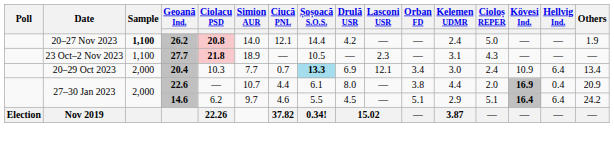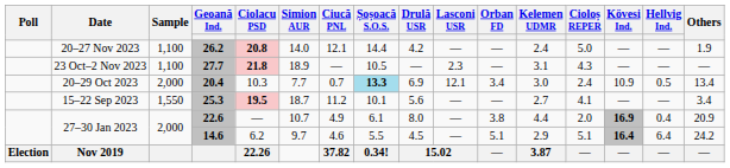 <table class="wikitable sortable" style="text-align:center;font-size:85%;line-height:14px;">
 <tr>
 <th rowspan="2">Poll</th>
 <th rowspan="2">Date</th>
 <th rowspan="2" style="width:35px;">Sample</th>
 <th class="unsortable" style="width:20px;"><a href='#'>Geoană</a><br><small><a href='#'>Ind.</a></small></th>
 <th class="unsortable" style="width:20px;"><a href='#'>Ciolacu</a><br><small><a href='#'>PSD</a></small></th>
 <th class="unsortable" style="width:20px;"><a href='#'>Simion</a><br><small><a href='#'>AUR</a></small></th>
 <th class="unsortable" style="width:20px;"><a href='#'>Ciucă</a><br><small><a href='#'>PNL</a></small></th>
 <th class="unsortable" style="width:20px;"><a href='#'>Șoșoacă</a><br><small><a href='#'>S.O.S.</a></small></th>
 <th class="unsortable" style="width:20px;"><a href='#'>Drulă</a><br><small><a href='#'>USR</a></small></th>
 <th class="unsortable" style="width:20px;"><a href='#'>Lasconi</a> <br><small><a href='#'>USR</a></small></th>
 <th class="unsortable" style="width:20px;"><a href='#'>Orban</a><strong><br></strong><small><a href='#'>FD</a></small></th>
 <th class="unsortable" style="width:20px;"><a href='#'>Kelemen</a><br><small><a href='#'>UDMR</a></small></th>
 <th class="unsortable" style="width:20px;"><a href='#'>Cioloș</a><br><small><a href='#'>REPER</a></small></th>
 <th class="unsortable" style="width:20px;"><a href='#'>Kövesi</a><br><small><a href='#'>Ind.</a></small></th>
 <th class="unsortable" style="width:20px;"><a href='#'>Hellvig</a><br><small><a href='#'>Ind.</a></small></th>
 <th rowspan="2"><strong>Others</strong></th>
 </tr>
 <tr>
 <th style="background:"></th>
 <th style="background:"></th>
 <th style="background:"></th>
 <th style="background:"></th>
 <th style="background:"></th>
 <th style="background:"></th>
 <th style="background:"></th>
 <th style="background:"></th>
 <th style="background:"></th>
 <th style="background:"></th>
 <th style="background:"></th>
 <th style="background:"></th>
 </tr>
 <tr>
 <td></td>
 <td>20–27 Nov 2023</td>
-<td><strong>1,100</strong></td>
+<td>1,100</td>
 <td style="background:#C0C0C0"><strong>26.2</strong></td>
 <td style="background:#F9C8CA"><strong>20.8</strong></td>
 <td>14.0</td>
 <td>12.1</td>
 <td>14.4</td>
 <td>4.2</td>
 <td>—</td>
 <td>—</td>
 <td>2.4</td>
 <td>5.0</td>
 <td>—</td>
 <td>—</td>
 <td>1.9</td>
 </tr>
 <tr>
 <td></td>
 <td>23 Oct–2 Nov 2023</td>
 <td>1,100</td>
 <td style="background:#C0C0C0"><strong>27.7</strong></td>
 <td style="background:#F9C8CA"><strong>21.8</strong></td>
 <td>18.9</td>
 <td>—</td>
 <td>10.5</td>
 <td>—</td>
 <td>2.3</td>
 <td>—</td>
 <td>3.1</td>
 <td>4.3</td>
 <td>—</td>
 <td>—</td>
 <td>—</td>
 </tr>
 <tr>
 <td></td>
 <td>20–29 Oct 2023</td>
 <td>2,000</td>
 <td style="background:#C0C0C0"><strong>20.4</strong></td>
 <td>10.3</td>
 <td>7.7</td>
 <td>0.7</td>
 <td style="background:#A4DDED"><strong>13.3</strong></td>
 <td>6.9</td>
 <td>12.1</td>
 <td>3.4</td>
 <td>3.0</td>
 <td>2.4</td>
 <td>10.9</td>
-<td>6.4</td>
+<td>0.5</td>
 <td>13.4</td>
+</tr>
+<tr>
+<td></td>
+<td>15–22 Sep 2023</td>
+<td>1,550</td>
+<td style="background:#C0C0C0"><strong>25.3</strong></td>
+<td style="background:#F9C8CA"><strong>19.5</strong></td>
+<td>18.7</td>
+<td>11.2</td>
+<td>10.1</td>
+<td>5.6</td>
+<td>—</td>
+<td>—</td>
+<td>2.7</td>
+<td>4.1</td>
+<td>—</td>
+<td>—</td>
+<td>3.4</td>
 </tr>
 <tr>
 <td rowspan="2"></td>
 <td rowspan="2">27–30 Jan 2023</td>
 <td rowspan="2">2,000</td>
 <td style="background:#C0C0C0"><strong>22.6</strong></td>
 <td>—</td>
 <td>10.7</td>
-<td>4.4</td>
+<td>4.9</td>
 <td>6.1</td>
 <td>8.0</td>
 <td>—</td>
 <td>3.8</td>
 <td>4.4</td>
 <td>2.0</td>
 <td style="background:#C0C0C0"><strong>16.9</strong></td>
 <td>0.4</td>
 <td>20.9</td>
 </tr>
 <tr>
 <td style="background:#C0C0C0"><strong>14.6</strong></td>
 <td>6.2</td>
 <td>9.7</td>
 <td>4.6</td>
 <td>5.5</td>
 <td>4.5</td>
 <td>—</td>
 <td>5.1</td>
 <td>2.9</td>
 <td>5.1</td>
 <td style="background:#C0C0C0"><strong>16.4</strong></td>
 <td>6.4</td>
 <td>24.2</td>
 </tr>
 <tr>
 <th>Election</th>
 <th>Nov 2019</th>
 <th></th>
 <th></th>
 <th>22.26</th>
 <td></td>
 <th>37.82</th>
 <th>0.34! </th>
 <th colspan="2">15.02</th>
 <th>—</th>
 <th>3.87</th>
 <th>—</th>
 <th>—</th>
 <th>—</th>
 <th>—</th>
 </tr>
 </table>
